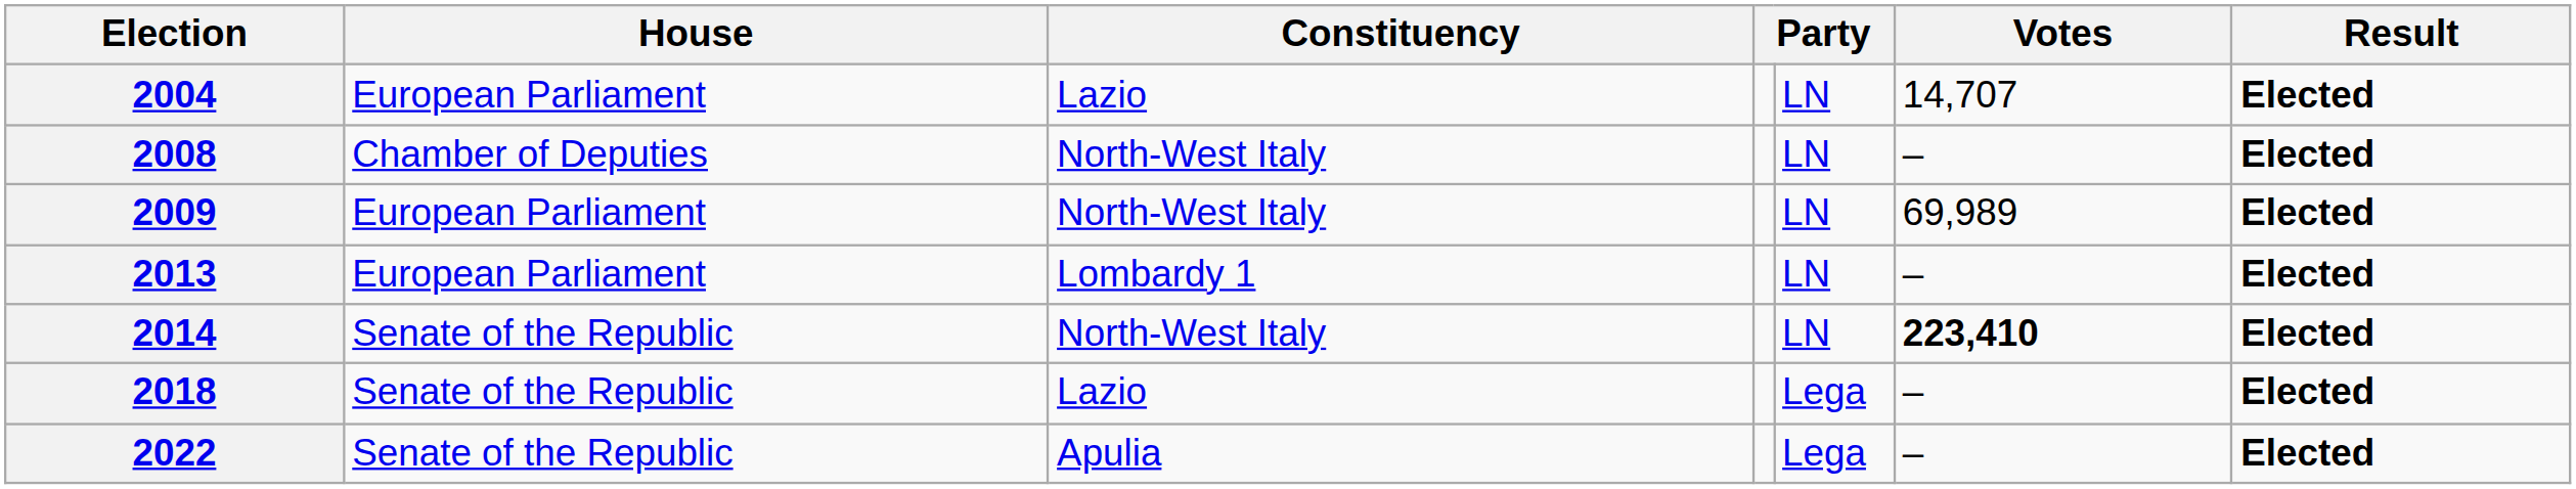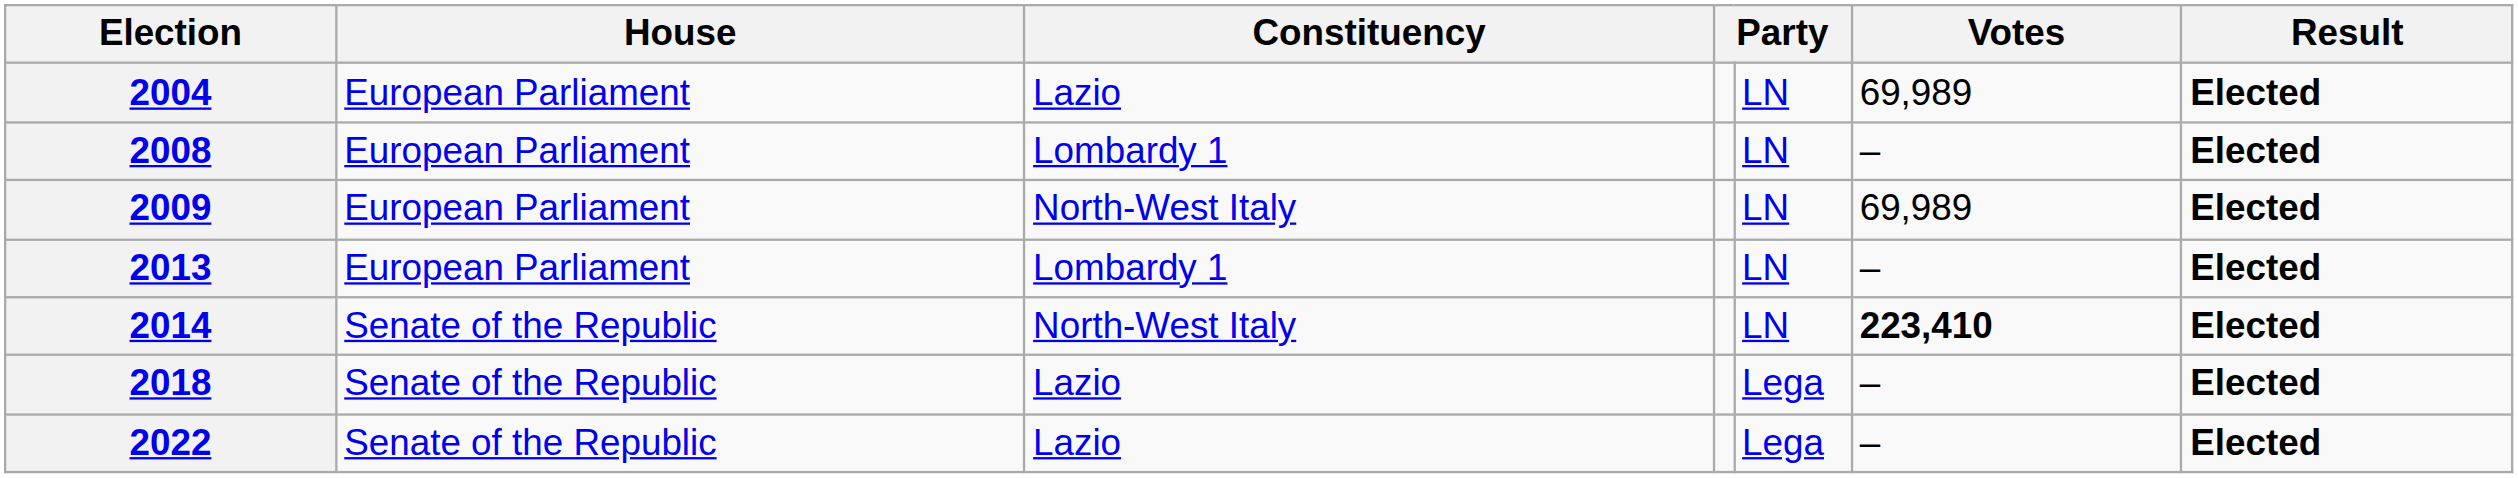 <table class=wikitable style="width:55%; border:1px #AAAAFF solid">
 <tr>
 <th width=12%>Election</th>
 <th width=25%>House</th>
 <th width=25%>Constituency</th>
 <th width=5% colspan="2">Party</th>
 <th width=12%>Votes</th>
 <th width=12%>Result</th>
 </tr>
 <tr>
 <th><a href='#'>2004</a></th>
 <td><a href='#'>European Parliament</a></td>
 <td><a href='#'>Lazio</a></td>
 <td></td>
 <td><a href='#'>LN</a></td>
-<td>14,707</td>
+<td>69,989</td>
 <td> <strong>Elected</strong></td>
 </tr>
 <tr>
 <th><a href='#'>2008</a></th>
-<td><a href='#'>Chamber of Deputies</a></td>
-<td><a href='#'>North-West Italy</a></td>
+<td><a href='#'>European Parliament</a></td>
+<td><a href='#'>Lombardy 1</a></td>
 <td></td>
 <td><a href='#'>LN</a></td>
 <td>–</td>
 <td> <strong>Elected</strong></td>
 </tr>
 <tr>
 <th><a href='#'>2009</a></th>
 <td><a href='#'>European Parliament</a></td>
 <td><a href='#'>North-West Italy</a></td>
 <td></td>
 <td><a href='#'>LN</a></td>
 <td>69,989</td>
 <td> <strong>Elected</strong></td>
 </tr>
 <tr>
 <th><a href='#'>2013</a></th>
 <td><a href='#'>European Parliament</a></td>
 <td><a href='#'>Lombardy 1</a></td>
 <td></td>
 <td><a href='#'>LN</a></td>
 <td>–</td>
 <td> <strong>Elected</strong></td>
 </tr>
 <tr>
 <th><a href='#'>2014</a></th>
 <td><a href='#'>Senate of the Republic</a></td>
 <td><a href='#'>North-West Italy</a></td>
 <td></td>
 <td><a href='#'>LN</a></td>
 <td><strong>223,410</strong></td>
 <td> <strong>Elected</strong></td>
 </tr>
 <tr>
 <th><a href='#'>2018</a></th>
 <td><a href='#'>Senate of the Republic</a></td>
 <td><a href='#'>Lazio</a></td>
 <td></td>
 <td><a href='#'>Lega</a></td>
 <td>–</td>
 <td> <strong>Elected</strong></td>
 </tr>
 <tr>
 <th><a href='#'>2022</a></th>
 <td><a href='#'>Senate of the Republic</a></td>
-<td><a href='#'>Apulia</a></td>
+<td><a href='#'>Lazio</a></td>
 <td></td>
 <td><a href='#'>Lega</a></td>
 <td>–</td>
 <td> <strong>Elected</strong></td>
 </tr>
 </table>
